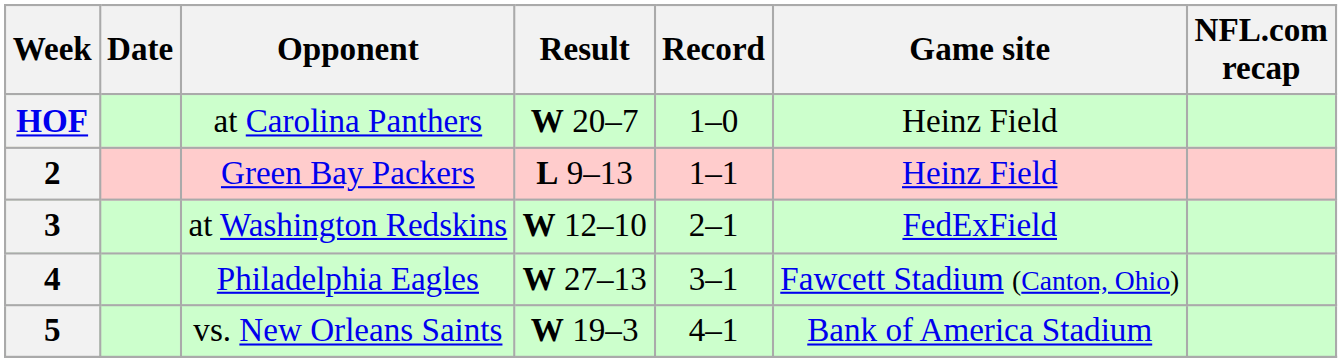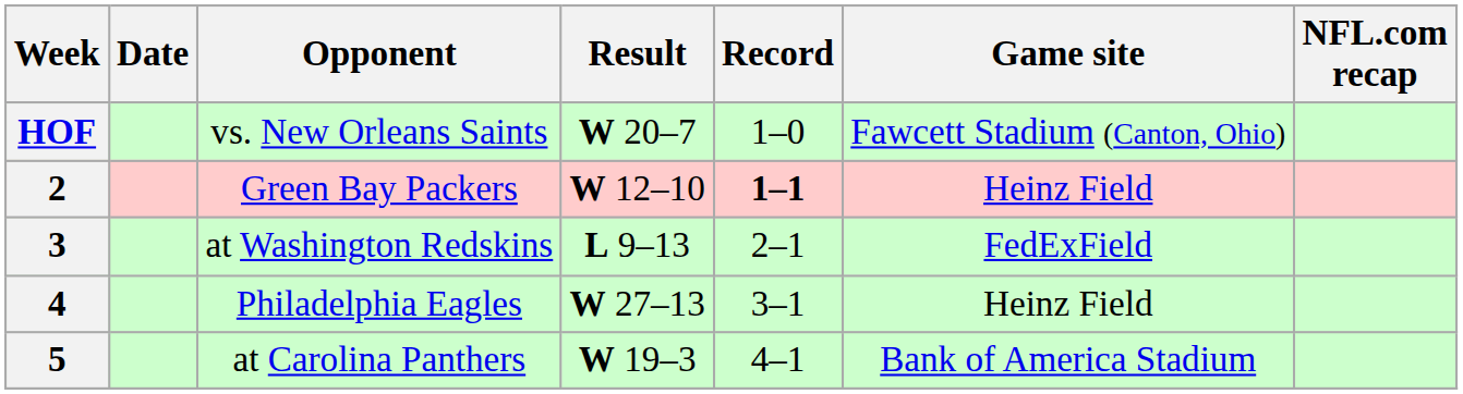 <table class="wikitable" style="text-align:center">
 <tr>
 <th>Week</th>
 <th>Date</th>
 <th>Opponent</th>
 <th>Result</th>
 <th>Record</th>
 <th>Game site</th>
 <th>NFL.com<br>recap</th>
 </tr>
 <tr style="background:#cfc;">
 <th><a href='#'>HOF</a></th>
 <td></td>
-<td>at <a href='#'>Carolina Panthers</a></td>
+<td>vs. <a href='#'>New Orleans Saints</a></td>
 <td><strong>W</strong> 20–7</td>
 <td>1–0</td>
-<td>Heinz Field</td>
+<td><a href='#'>Fawcett Stadium</a> <small>(<a href='#'>Canton, Ohio</a>)</small></td>
 <td></td>
 </tr>
 <tr style="background:#fcc;">
 <th>2</th>
 <td></td>
 <td><a href='#'>Green Bay Packers</a></td>
-<td><strong>L</strong> 9–13</td>
-<td>1–1</td>
+<td><strong>W</strong> 12–10</td>
+<td><strong>1–1</strong></td>
 <td><a href='#'>Heinz Field</a></td>
 <td></td>
 </tr>
 <tr style="background: #cfc;">
 <th>3</th>
 <td></td>
 <td>at <a href='#'>Washington Redskins</a></td>
-<td><strong>W</strong> 12–10</td>
+<td><strong>L</strong> 9–13</td>
 <td>2–1</td>
 <td><a href='#'>FedExField</a></td>
 <td></td>
 </tr>
 <tr style="background: #cfc;">
 <th>4</th>
 <td></td>
 <td><a href='#'>Philadelphia Eagles</a></td>
 <td><strong>W</strong> 27–13</td>
 <td>3–1</td>
-<td><a href='#'>Fawcett Stadium</a> <small>(<a href='#'>Canton, Ohio</a>)</small></td>
+<td>Heinz Field</td>
 <td></td>
 </tr>
 <tr style="background: #cfc;">
 <th>5</th>
 <td></td>
-<td>vs. <a href='#'>New Orleans Saints</a></td>
+<td>at <a href='#'>Carolina Panthers</a></td>
 <td><strong>W</strong> 19–3</td>
 <td>4–1</td>
 <td><a href='#'>Bank of America Stadium</a></td>
 <td></td>
 </tr>
 <tr style="background: #cfc;">
 </tr>
 </table>
